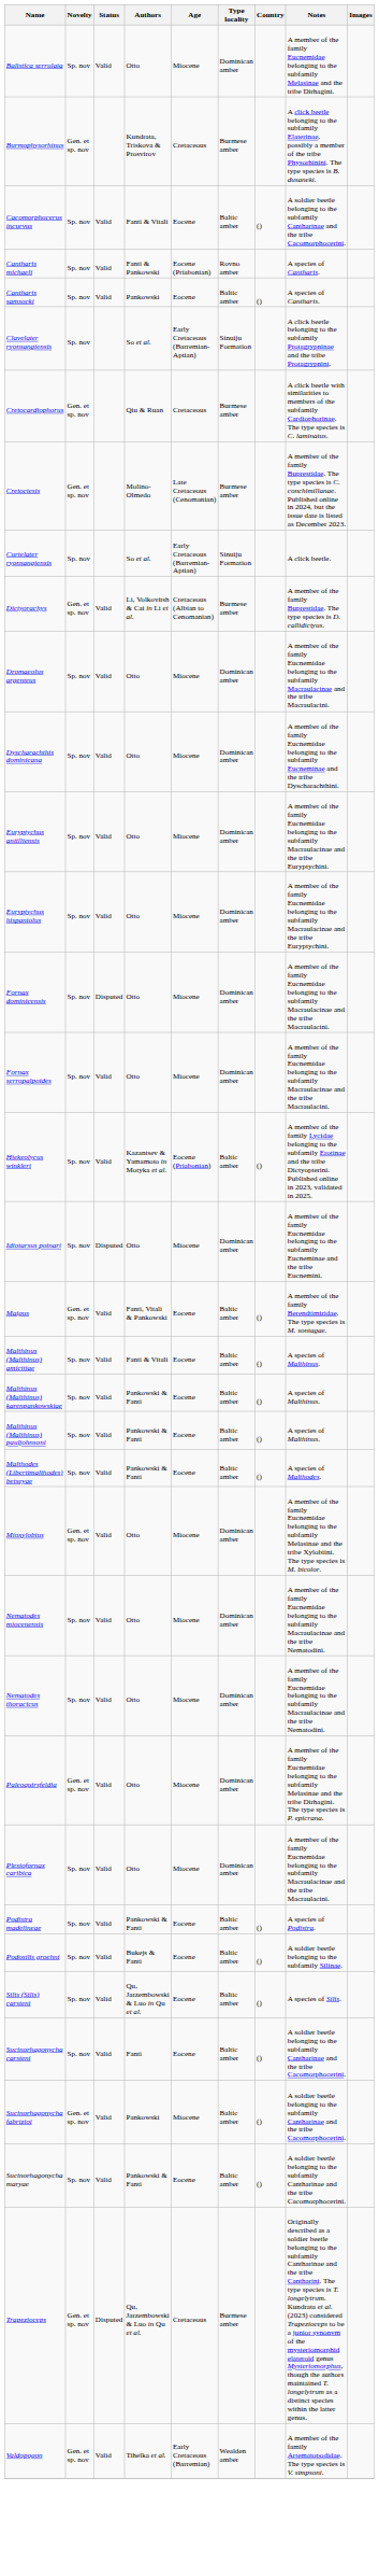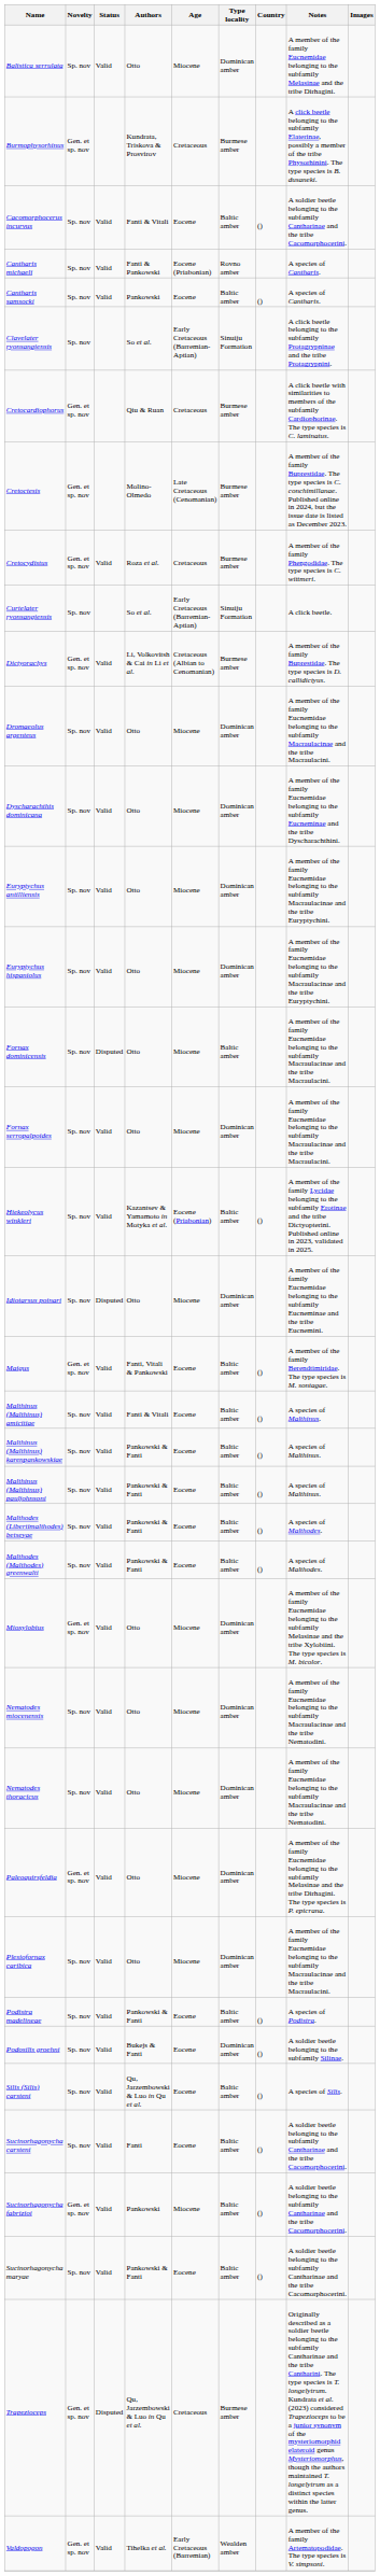 <table class="wikitable sortable" align="center" width="100%">
 <tr>
 <th>Name</th>
 <th>Novelty</th>
 <th>Status</th>
 <th>Authors</th>
 <th>Age</th>
 <th>Type locality</th>
 <th>Country</th>
 <th>Notes</th>
 <th>Images</th>
 </tr>
 <tr>
 <td><br><em><a href='#'>Balistica serrulata</a></em></td>
 <td><br>Sp. nov</td>
 <td><br>Valid</td>
 <td><br>Otto</td>
 <td><br>Miocene</td>
 <td><br>Dominican amber</td>
 <td><br></td>
 <td><br>A member of the family <a href='#'>Eucnemidae</a> belonging to the subfamily <a href='#'>Melasinae</a> and the tribe Dirhagini.</td>
 <td></td>
 </tr>
 <tr>
 <td><br><em><a href='#'>Burmophysorhinus</a></em></td>
 <td><br>Gen. et sp. nov</td>
 <td></td>
 <td><br>Kundrata, Triskova & Prosvirov</td>
 <td><br>Cretaceous</td>
 <td><br>Burmese amber</td>
 <td><br></td>
 <td><br>A <a href='#'>click beetle</a> belonging to the subfamily <a href='#'>Elaterinae</a>, possibly a member of the tribe <a href='#'>Physorhinini</a>. The type species is <em>B. dusaneki</em>.</td>
 <td></td>
 </tr>
 <tr>
 <td><br><em><a href='#'>Cacomorphocerus incurvus</a></em></td>
 <td><br>Sp. nov</td>
 <td><br>Valid</td>
 <td><br>Fanti & Vitali</td>
 <td><br>Eocene</td>
 <td><br>Baltic amber</td>
 <td><br><br>()</td>
 <td><br>A soldier beetle belonging to the subfamily <a href='#'>Cantharinae</a> and the tribe <a href='#'>Cacomorphocerini</a>.</td>
 <td></td>
 </tr>
 <tr>
 <td><br><em><a href='#'>Cantharis michaeli</a></em></td>
 <td><br>Sp. nov</td>
 <td><br>Valid</td>
 <td><br>Fanti & Pankowski</td>
 <td><br>Eocene (Priabonian)</td>
 <td><br>Rovno amber</td>
 <td><br></td>
 <td><br>A species of <em><a href='#'>Cantharis</a></em>.</td>
 <td></td>
 </tr>
 <tr>
 <td><br><em><a href='#'>Cantharis samsocki</a></em></td>
 <td><br>Sp. nov</td>
 <td><br>Valid</td>
 <td><br>Pankowski</td>
 <td><br>Eocene</td>
 <td><br>Baltic amber</td>
 <td><br><br>()</td>
 <td><br>A species of <em>Cantharis</em>.</td>
 <td></td>
 </tr>
 <tr>
 <td><br><em><a href='#'>Clavelater ryonsangiensis</a></em></td>
 <td><br>Sp. nov</td>
 <td></td>
 <td><br>So <em>et al.</em></td>
 <td><br>Early Cretaceous (Barremian-Aptian)</td>
 <td><br>Sinuiju Formation</td>
 <td><br></td>
 <td><br>A click beetle belonging to the subfamily <a href='#'>Protagrypninae</a> and the tribe <a href='#'>Protagrypnini</a>.</td>
 <td></td>
 </tr>
 <tr>
 <td><br><em><a href='#'>Cretocardiophorus</a></em></td>
 <td><br>Gen. et sp. nov</td>
 <td></td>
 <td><br>Qiu & Ruan</td>
 <td><br>Cretaceous</td>
 <td><br>Burmese amber</td>
 <td><br></td>
 <td><br>A click beetle with similarities to members of the subfamily <a href='#'>Cardiophorinae</a>. The type species is <em>C. laminatus</em>.</td>
 <td></td>
 </tr>
 <tr>
 <td><br><em><a href='#'>Cretoctesis</a></em></td>
 <td><br>Gen. et sp. nov</td>
 <td></td>
 <td><br>Molino-Olmedo</td>
 <td><br>Late Cretaceous (Cenomanian)</td>
 <td><br>Burmese amber</td>
 <td><br></td>
 <td><br>A member of the family <a href='#'>Buprestidae</a>. The type species is <em>C. conchimillanae</em>. Published online in 2024, but the issue date is listed as December 2023.</td>
 <td></td>
 </tr>
 <tr>
+<td><br><em><a href='#'>Cretocydistus</a></em></td>
+<td><br>Gen. et sp. nov</td>
+<td><br>Valid</td>
+<td><br>Roza <em>et al.</em></td>
+<td><br>Cretaceous</td>
+<td><br>Burmese amber</td>
+<td><br></td>
+<td><br>A member of the family <a href='#'>Phengodidae</a>. The type species is <em>C. wittmeri</em>.</td>
+<td></td>
+</tr>
+<tr>
 <td><br><em><a href='#'>Curtelater ryonsangiensis</a></em></td>
 <td><br>Sp. nov</td>
 <td></td>
 <td><br>So <em>et al.</em></td>
 <td><br>Early Cretaceous (Barremian-Aptian)</td>
 <td><br>Sinuiju Formation</td>
 <td><br></td>
 <td><br>A click beetle.</td>
 <td></td>
 </tr>
 <tr>
 <td><br><em><a href='#'>Dictyorachys</a></em></td>
 <td><br>Gen. et sp. nov</td>
 <td><br>Valid</td>
 <td><br>Li, Volkovitsh & Cai <em>in</em> Li <em>et al.</em></td>
 <td><br>Cretaceous (Albian to Cenomanian)</td>
 <td><br>Burmese amber</td>
 <td><br></td>
 <td><br>A member of the family <a href='#'>Buprestidae</a>. The type species is <em>D. callidictyus</em>.</td>
 <td></td>
 </tr>
 <tr>
 <td><br><em><a href='#'>Dromaeolus argenteus</a></em></td>
 <td><br>Sp. nov</td>
 <td><br>Valid</td>
 <td><br>Otto</td>
 <td><br>Miocene</td>
 <td><br>Dominican amber</td>
 <td><br></td>
 <td><br>A member of the family Eucnemidae belonging to the subfamily <a href='#'>Macraulacinae</a> and the tribe Macraulacini.</td>
 <td></td>
 </tr>
 <tr>
 <td><br><em><a href='#'>Dyscharachthis dominicana</a></em></td>
 <td><br>Sp. nov</td>
 <td><br>Valid</td>
 <td><br>Otto</td>
 <td><br>Miocene</td>
 <td><br>Dominican amber</td>
 <td><br></td>
 <td><br>A member of the family Eucnemidae belonging to the subfamily <a href='#'>Eucneminae</a> and the tribe Dyscharachthini.</td>
 <td></td>
 </tr>
 <tr>
 <td><br><em><a href='#'>Euryptychus antilliensis</a></em></td>
 <td><br>Sp. nov</td>
 <td><br>Valid</td>
 <td><br>Otto</td>
 <td><br>Miocene</td>
 <td><br>Dominican amber</td>
 <td><br></td>
 <td><br>A member of the family Eucnemidae belonging to the subfamily Macraulacinae and the tribe Euryptychini.</td>
 <td></td>
 </tr>
 <tr>
 <td><br><em><a href='#'>Euryptychus hispaniolus</a></em></td>
 <td><br>Sp. nov</td>
 <td><br>Valid</td>
 <td><br>Otto</td>
 <td><br>Miocene</td>
 <td><br>Dominican amber</td>
 <td><br></td>
 <td><br>A member of the family Eucnemidae belonging to the subfamily Macraulacinae and the tribe Euryptychini.</td>
 <td></td>
 </tr>
 <tr>
 <td><br><em><a href='#'>Fornax dominicensis</a></em></td>
 <td><br>Sp. nov</td>
 <td><br>Disputed</td>
 <td><br>Otto</td>
 <td><br>Miocene</td>
-<td><br>Dominican amber</td>
+<td><br>Baltic amber</td>
 <td><br></td>
 <td><br>A member of the family Eucnemidae belonging to the subfamily Macraulacinae and the tribe Macraulacini.</td>
 <td></td>
 </tr>
 <tr>
 <td><br><em><a href='#'>Fornax serropalpoides</a></em></td>
 <td><br>Sp. nov</td>
 <td><br>Valid</td>
 <td><br>Otto</td>
 <td><br>Miocene</td>
 <td><br>Dominican amber</td>
 <td><br></td>
 <td><br>A member of the family Eucnemidae belonging to the subfamily Macraulacinae and the tribe Macraulacini.</td>
 <td></td>
 </tr>
 <tr>
 <td><br><em><a href='#'>Hiekeolycus winkleri</a></em></td>
 <td><br>Sp. nov</td>
 <td><br>Valid</td>
 <td><br>Kazantsev & Yamamoto <em>in</em> Motyka <em>et al.</em></td>
 <td><br>Eocene (<a href='#'>Priabonian</a>)</td>
 <td><br>Baltic amber</td>
 <td><br><br>()</td>
 <td><br>A member of the family <a href='#'>Lycidae</a> belonging to the subfamily <a href='#'>Erotinae</a> and the tribe Dictyopterini. Published online in 2023, validated in 2025.</td>
 <td></td>
 </tr>
 <tr>
 <td><br><em><a href='#'>Idiotarsus poinari</a></em></td>
 <td><br>Sp. nov</td>
 <td><br>Disputed</td>
 <td><br>Otto</td>
 <td><br>Miocene</td>
 <td><br>Dominican amber</td>
 <td><br></td>
 <td><br>A member of the family Eucnemidae belonging to the subfamily Eucneminae and the tribe Eucnemini.</td>
 <td></td>
 </tr>
 <tr>
 <td><br><em><a href='#'>Maigus</a></em></td>
 <td><br>Gen. et sp. nov</td>
 <td><br>Valid</td>
 <td><br>Fanti, Vitali & Pankowski</td>
 <td><br>Eocene</td>
 <td><br>Baltic amber</td>
 <td><br><br>()</td>
 <td><br>A member of the family <a href='#'>Berendtimiridae</a>. The type species is <em>M. sontagae</em>.</td>
 <td></td>
 </tr>
 <tr>
 <td><br><em><a href='#'>Malthinus (Malthinus) amicitiae</a></em></td>
 <td><br>Sp. nov</td>
 <td><br>Valid</td>
 <td><br>Fanti & Vitali</td>
 <td><br>Eocene</td>
 <td><br>Baltic amber</td>
 <td><br><br>()</td>
 <td><br>A species of <em><a href='#'>Malthinus</a></em>.</td>
 <td></td>
 </tr>
 <tr>
 <td><br><em><a href='#'>Malthinus (Malthinus) karenpankowskiae</a></em></td>
 <td><br>Sp. nov</td>
 <td><br>Valid</td>
 <td><br>Pankowski & Fanti</td>
 <td><br>Eocene</td>
 <td><br>Baltic amber</td>
 <td><br><br>()</td>
 <td><br>A species of <em>Malthinus</em>.</td>
 <td></td>
 </tr>
 <tr>
 <td><br><em><a href='#'>Malthinus (Malthinus) pauljohnsoni</a></em></td>
 <td><br>Sp. nov</td>
 <td><br>Valid</td>
 <td><br>Pankowski & Fanti</td>
 <td><br>Eocene</td>
 <td><br>Baltic amber</td>
 <td><br><br>()</td>
 <td><br>A species of <em>Malthinus</em>.</td>
 <td></td>
 </tr>
 <tr>
 <td><br><em><a href='#'>Malthodes (Libertimalthodes) betseyae</a></em></td>
 <td><br>Sp. nov</td>
 <td><br>Valid</td>
 <td><br>Pankowski & Fanti</td>
 <td><br>Eocene</td>
 <td><br>Baltic amber</td>
 <td><br><br>()</td>
 <td><br>A species of <em><a href='#'>Malthodes</a></em>.</td>
 <td></td>
 </tr>
 <tr>
+<td><br><em><a href='#'>Malthodes (Malthodes) greenwalti</a></em></td>
+<td><br>Sp. nov</td>
+<td><br>Valid</td>
+<td><br>Pankowski & Fanti</td>
+<td><br>Eocene</td>
+<td><br>Baltic amber</td>
+<td><br><br>()</td>
+<td><br>A species of <em>Malthodes</em>.</td>
+<td></td>
+</tr>
+<tr>
 <td><br><em><a href='#'>Mioxylobius</a></em></td>
 <td><br>Gen. et sp. nov</td>
 <td><br>Valid</td>
 <td><br>Otto</td>
 <td><br>Miocene</td>
 <td><br>Dominican amber</td>
 <td><br></td>
 <td><br>A member of the family Eucnemidae belonging to the subfamily Melasinae and the tribe Xylobiini. The type species is <em>M. bicolor</em>.</td>
 <td></td>
 </tr>
 <tr>
 <td><br><em><a href='#'>Nematodes miocenensis</a></em></td>
 <td><br>Sp. nov</td>
 <td><br>Valid</td>
 <td><br>Otto</td>
 <td><br>Miocene</td>
 <td><br>Dominican amber</td>
 <td><br></td>
 <td><br>A member of the family Eucnemidae belonging to the subfamily Macraulacinae and the tribe Nematodini.</td>
 <td></td>
 </tr>
 <tr>
 <td><br><em><a href='#'>Nematodes thoracicus</a></em></td>
 <td><br>Sp. nov</td>
 <td><br>Valid</td>
 <td><br>Otto</td>
 <td><br>Miocene</td>
 <td><br>Dominican amber</td>
 <td><br></td>
 <td><br>A member of the family Eucnemidae belonging to the subfamily Macraulacinae and the tribe Nematodini.</td>
 <td></td>
 </tr>
 <tr>
 <td><br><em><a href='#'>Paleoquirsfeldia</a></em></td>
 <td><br>Gen. et sp. nov</td>
 <td><br>Valid</td>
 <td><br>Otto</td>
 <td><br>Miocene</td>
 <td><br>Dominican amber</td>
 <td><br></td>
 <td><br>A member of the family Eucnemidae belonging to the subfamily Melasinae and the tribe Dirhagini. The type species is <em>P. epicrana</em>.</td>
 <td></td>
 </tr>
 <tr>
 <td><br><em><a href='#'>Plesiofornax caribica</a></em></td>
 <td><br>Sp. nov</td>
 <td><br>Valid</td>
 <td><br>Otto</td>
 <td><br>Miocene</td>
 <td><br>Dominican amber</td>
 <td><br></td>
 <td><br>A member of the family Eucnemidae belonging to the subfamily Macraulacinae and the tribe Macraulacini.</td>
 <td></td>
 </tr>
 <tr>
 <td><br><em><a href='#'>Podistra madelineae</a></em></td>
 <td><br>Sp. nov</td>
 <td><br>Valid</td>
 <td><br>Pankowski & Fanti</td>
 <td><br>Eocene</td>
 <td><br>Baltic amber</td>
 <td><br><br>()</td>
 <td><br>A species of <em><a href='#'>Podistra</a></em>.</td>
 <td></td>
 </tr>
 <tr>
 <td><br><em><a href='#'>Podosilis groehni</a></em></td>
 <td><br>Sp. nov</td>
 <td><br>Valid</td>
 <td><br>Bukejs & Fanti</td>
 <td><br>Eocene</td>
-<td><br>Baltic amber</td>
+<td><br>Dominican amber</td>
 <td><br><br>()</td>
 <td><br>A soldier beetle belonging to the subfamily <a href='#'>Silinae</a>.</td>
 <td></td>
 </tr>
 <tr>
 <td><br><em><a href='#'>Silis (Silis) carsteni</a></em></td>
 <td><br>Sp. nov</td>
 <td><br>Valid</td>
 <td><br>Qu, Jarzembowski & Luo <em>in</em> Qu <em>et al.</em></td>
 <td><br>Eocene</td>
 <td><br>Baltic amber</td>
 <td><br><br>()</td>
 <td><br>A species of <em><a href='#'>Silis</a></em>.</td>
 <td></td>
 </tr>
 <tr>
 <td><br><em><a href='#'>Sucinorhagonycha carsteni</a></em></td>
 <td><br>Sp. nov</td>
 <td><br>Valid</td>
 <td><br>Fanti</td>
 <td><br>Eocene</td>
 <td><br>Baltic amber</td>
 <td><br><br>()</td>
 <td><br>A soldier beetle belonging to the subfamily <a href='#'>Cantharinae</a> and the tribe <a href='#'>Cacomorphocerini</a>.</td>
 <td></td>
 </tr>
 <tr>
 <td><br><em><a href='#'>Sucinorhagonycha fabrizioi</a></em></td>
 <td><br>Gen. et sp. nov</td>
 <td><br>Valid</td>
 <td><br>Pankowski</td>
 <td><br>Miocene</td>
 <td><br>Baltic amber</td>
 <td><br><br>()</td>
 <td><br>A soldier beetle belonging to the subfamily <a href='#'>Cantharinae</a> and the tribe <a href='#'>Cacomorphocerini</a>.</td>
 <td></td>
 </tr>
 <tr>
 <td><br><em>Sucinorhagonycha maryae</em></td>
 <td><br>Sp. nov</td>
 <td><br>Valid</td>
 <td><br>Pankowski & Fanti</td>
 <td><br>Eocene</td>
 <td><br>Baltic amber</td>
 <td><br><br>()</td>
 <td><br>A soldier beetle belonging to the subfamily Cantharinae and the tribe Cacomorphocerini.</td>
 <td></td>
 </tr>
 <tr>
 <td><br><em><a href='#'>Trapezioceps</a></em></td>
 <td><br>Gen. et sp. nov</td>
 <td><br>Disputed</td>
 <td><br>Qu, Jarzembowski & Luo <em>in</em> Qu <em>et al.</em></td>
 <td><br>Cretaceous</td>
 <td><br>Burmese amber</td>
 <td><br></td>
 <td><br>Originally described as a soldier beetle belonging to the subfamily Cantharinae and the tribe <a href='#'>Cantharini</a>. The type species is <em>T. longelytrum</em>. Kundrata <em>et al.</em> (2023) considered <em>Trapezioceps</em> to be a <a href='#'>junior synonym</a> of the <a href='#'>mysteriomorphid</a> <a href='#'>elateroid</a> genus <em><a href='#'>Mysteriomorphus</a></em>, though the authors maintained <em>T. longelytrum</em> as a distinct species within the latter genus.</td>
 <td></td>
 </tr>
 <tr>
 <td><br><em><a href='#'>Valdopogon</a></em></td>
 <td><br>Gen. et sp. nov</td>
 <td><br>Valid</td>
 <td><br>Tihelka <em>et al.</em></td>
 <td><br>Early Cretaceous (Barremian)</td>
 <td><br>Wealden amber</td>
 <td><br></td>
 <td><br>A member of the family <a href='#'>Artematopodidae</a>. The type species is <em>V. simpsoni</em>.</td>
 <td></td>
 </tr>
 <tr>
 </tr>
 </table>
